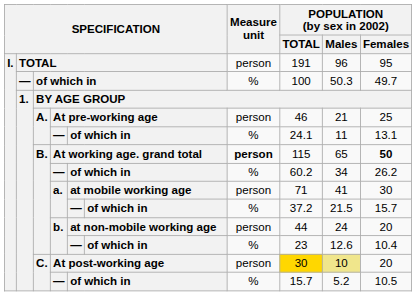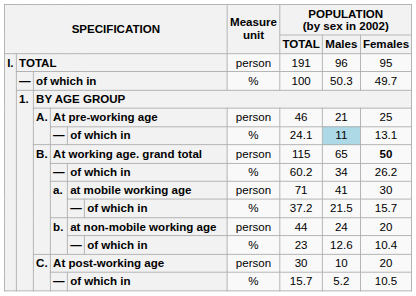 <table class="wikitable" style="font-size:85%; text-align:center">
 <tr>
 <th rowspan="2" colspan="6">SPECIFICATION</th>
 <th rowspan="2">Measure<br> unit</th>
 <th colspan="3" rowspan="1">POPULATION<br> (by sex in 2002)</th>
 </tr>
 <tr>
 <th>TOTAL</th>
 <th>Males</th>
 <th>Females</th>
 </tr>
 <tr>
 <th style="text-align:left" valign="top" rowspan="13">I.</th>
 <th style="text-align:left" colspan="5">TOTAL</th>
 <td>person</td>
 <td>191</td>
 <td>96</td>
 <td>95</td>
 </tr>
 <tr>
 <th style="text-align:left" valign="top">—</th>
 <th style="text-align:left" colspan="4">of which in</th>
 <td>%</td>
 <td>100</td>
 <td>50.3</td>
 <td>49.7</td>
 </tr>
 <tr>
 <th style="text-align:left" valign="top" rowspan="11">1.</th>
 <th style="text-align:left" colspan="19">BY AGE GROUP</th>
 </tr>
 <tr>
 <th style="text-align:left" valign="top" rowspan="2">A.</th>
 <th style="text-align:left" colspan="3">At pre-working age</th>
 <td>person</td>
 <td>46</td>
 <td>21</td>
 <td>25</td>
 </tr>
 <tr>
 <th style="text-align:left" valign="top">—</th>
 <th style="text-align:left" valign="top" colspan="2">of which in</th>
 <td>%</td>
 <td>24.1</td>
-<td>11</td>
+<td style="background: lightblue;">11</td>
 <td>13.1</td>
 </tr>
 <tr>
 <th style="text-align:left" valign="top" rowspan="6">B.</th>
 <th style="text-align:left" colspan="3">At working age. grand total</th>
-<td><strong>person</strong></td>
+<td>person</td>
 <td>115</td>
 <td>65</td>
 <td><strong>50</strong></td>
 </tr>
 <tr>
 <th style="text-align:left" valign="top">—</th>
 <th style="text-align:left" valign="top" colspan="2">of which in</th>
 <td>%</td>
 <td>60.2</td>
 <td>34</td>
 <td>26.2</td>
 </tr>
 <tr>
 <th style="text-align:left" valign="top" rowspan="2">a.</th>
 <th style="text-align:left" colspan="2">at mobile working age</th>
 <td>person</td>
 <td>71</td>
 <td>41</td>
 <td>30</td>
 </tr>
 <tr>
 <th style="text-align:left" valign="top">—</th>
 <th style="text-align:left" valign="top" colspan="1">of which in                        </th>
 <td>%</td>
 <td>37.2</td>
 <td>21.5</td>
 <td>15.7</td>
 </tr>
 <tr>
 <th style="text-align:left" valign="top" rowspan="2">b.</th>
 <th style="text-align:left" colspan="2">at non-mobile working age</th>
 <td>person</td>
 <td>44</td>
 <td>24</td>
 <td>20</td>
 </tr>
 <tr>
 <th style="text-align:left" valign="top">—</th>
 <th style="text-align:left" valign="top" colspan="1">of which in                        </th>
 <td>%</td>
 <td>23</td>
 <td>12.6</td>
 <td>10.4</td>
 </tr>
 <tr>
 <th style="text-align:left" valign="top" rowspan="2">C.</th>
 <th style="text-align:left" colspan="3">At post-working age</th>
 <td>person</td>
-<td style="background: gold;">30</td>
-<td style="background: khaki;">10</td>
+<td>30</td>
+<td>10</td>
 <td>20</td>
 </tr>
 <tr>
 <th style="text-align:left" valign="top">—</th>
 <th style="text-align:left" valign="top" colspan="2">of which in</th>
 <td>%</td>
 <td>15.7</td>
 <td>5.2</td>
 <td>10.5</td>
 </tr>
 </table>
